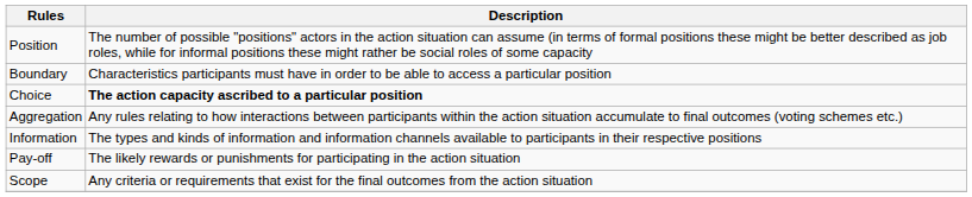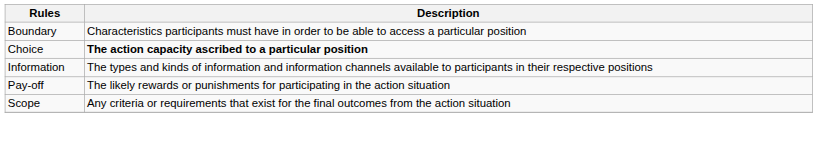 <table class="wikitable plainrowheaders" style="width:90%; align:center; margin:auto;">
 <tr>
 <th>Rules</th>
 <th>Description</th>
-</tr>
-<tr>
-<td>Position</td>
-<td>The number of possible "positions" actors in the action situation can assume (in terms of formal positions these might be better described as job roles, while for informal positions these might rather be social roles of some capacity</td>
 </tr>
 <tr>
 <td>Boundary</td>
 <td>Characteristics participants must have in order to be able to access a particular position</td>
 </tr>
 <tr>
 <td>Choice</td>
 <td><strong>The action capacity ascribed to a particular position</strong></td>
-</tr>
-<tr>
-<td>Aggregation</td>
-<td>Any rules relating to how interactions between participants within the action situation accumulate to final outcomes (voting schemes etc.)</td>
 </tr>
 <tr>
 <td>Information</td>
 <td>The types and kinds of information and information channels available to participants in their respective positions</td>
 </tr>
 <tr>
 <td>Pay-off</td>
 <td>The likely rewards or punishments for participating in the action situation</td>
 </tr>
 <tr>
 <td>Scope</td>
 <td>Any criteria or requirements that exist for the final outcomes from the action situation</td>
 </tr>
 <tr>
 </tr>
 </table>
